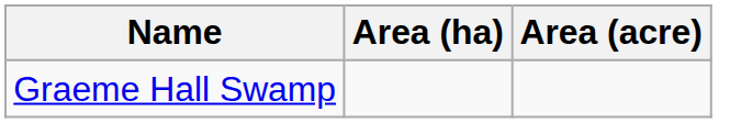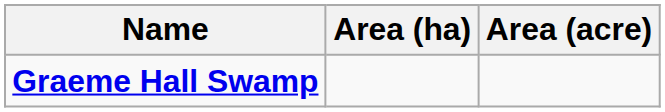 <table class="wikitable sortable">
 <tr>
 <th scope="col" align=left>Name</th>
 <th scope="col">Area (ha)</th>
 <th scope="col">Area (acre)</th>
 </tr>
 <tr ---->
-<td><a href='#'>Graeme Hall Swamp</a></td>
+<td><strong><a href='#'>Graeme Hall Swamp</a></strong></td>
 <td></td>
 </tr>
 </table>
